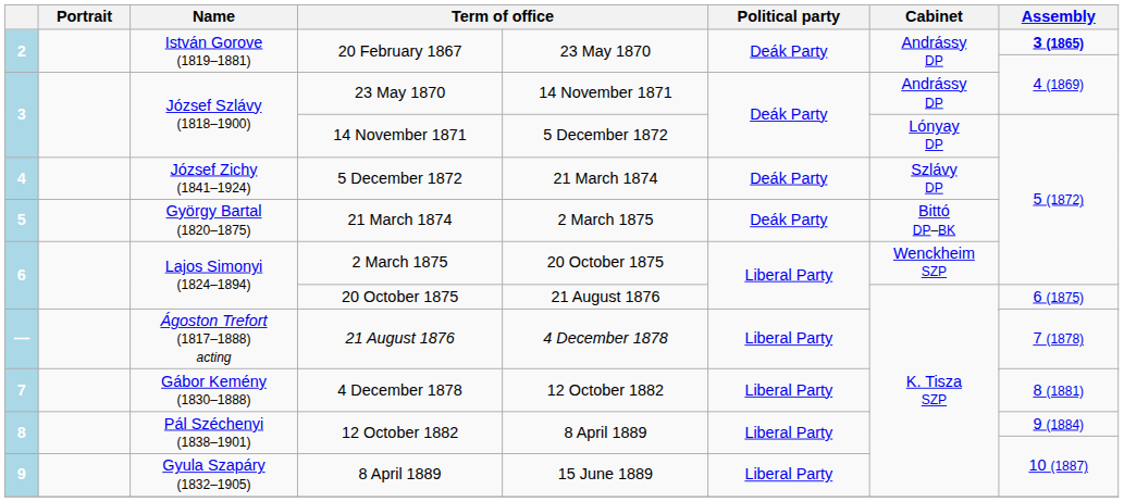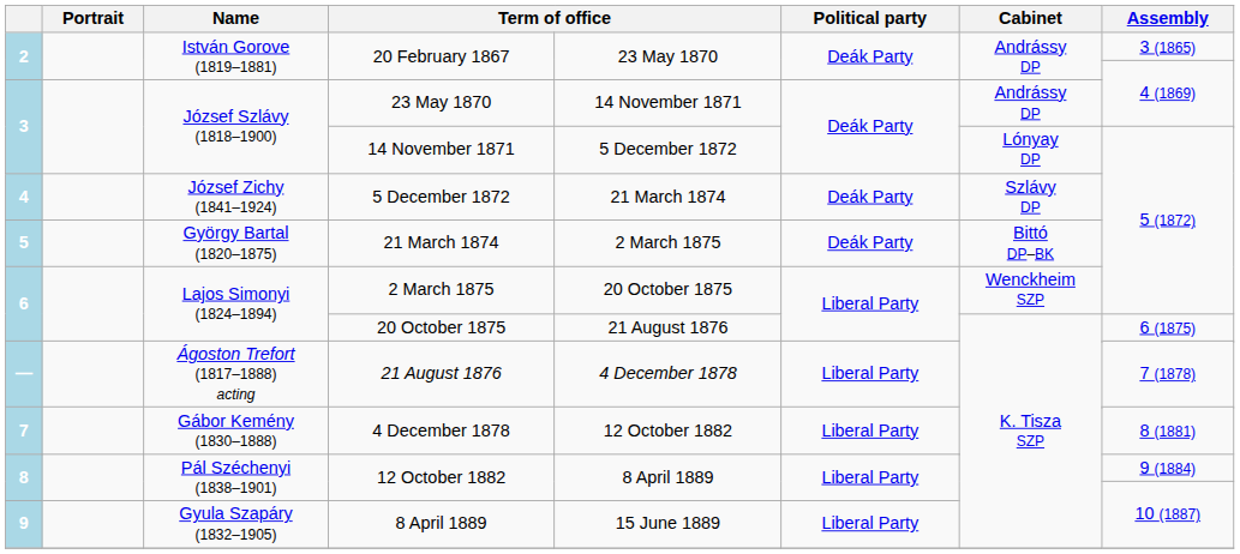 <table class="wikitable" style="width:90%; text-align:center;">
 <tr>
 <th></th>
 <th>Portrait</th>
 <th>Name<br></th>
 <th colspan=2>Term of office</th>
 <th>Political party</th>
 <th>Cabinet</th>
 <th><a href='#'>Assembly</a><br></th>
 </tr>
 <tr>
 <th rowspan="2" style="background-color:#AAD8E6; color:white">2</th>
 <td rowspan="2"></td>
 <td rowspan="2"><a href='#'>István Gorove</a><br><small>(1819–1881)</small></td>
 <td rowspan="2">20 February 1867</td>
 <td rowspan="2">23 May 1870</td>
 <td rowspan="2"><a href='#'>Deák Party</a></td>
 <td rowspan="2"><a href='#'>Andrássy</a><br><small><a href='#'>DP</a></small></td>
-<td><strong><a href='#'>3 <small>(1865)</small></a></strong></td>
+<td><a href='#'>3 <small>(1865)</small></a></td>
 </tr>
 <tr>
 <td rowspan="3"><a href='#'>4 <small>(1869)</small></a></td>
 </tr>
 <tr>
 <th rowspan="3" style="background-color:#AAD8E6; color:white">3</th>
 <td rowspan="3"></td>
 <td rowspan="3"><a href='#'>József Szlávy</a><br><small>(1818–1900)</small></td>
 <td>23 May 1870</td>
 <td>14 November 1871</td>
 <td rowspan="3"><a href='#'>Deák Party</a></td>
 <td><a href='#'>Andrássy</a><br><small><a href='#'>DP</a></small></td>
 </tr>
 <tr>
 <td rowspan="2">14 November 1871</td>
 <td rowspan="2">5 December 1872</td>
 <td rowspan="2"><a href='#'>Lónyay</a><br><small><a href='#'>DP</a></small></td>
 </tr>
 <tr>
 <td rowspan="4"><a href='#'>5 <small>(1872)</small></a></td>
 </tr>
 <tr>
 <th style="background-color:#AAD8E6; color:white">4</th>
 <td></td>
 <td><a href='#'>József Zichy</a><br><small>(1841–1924)</small></td>
 <td>5 December 1872</td>
 <td>21 March 1874</td>
 <td><a href='#'>Deák Party</a></td>
 <td><a href='#'>Szlávy</a><br><small><a href='#'>DP</a></small></td>
 </tr>
 <tr>
 <th style="background-color:#AAD8E6; color:white">5</th>
 <td></td>
 <td><a href='#'>György Bartal</a><br><small>(1820–1875)</small></td>
 <td>21 March 1874</td>
 <td>2 March 1875</td>
 <td><a href='#'>Deák Party</a></td>
 <td><a href='#'>Bittó</a><br><small><a href='#'>DP</a>–<a href='#'>BK</a></small></td>
 </tr>
 <tr>
 <th rowspan="2" style="background-color:#AAD8E6; color:white">6</th>
 <td rowspan="2"></td>
 <td rowspan="2"><a href='#'>Lajos Simonyi</a><br><small>(1824–1894)</small></td>
 <td>2 March 1875</td>
 <td>20 October 1875</td>
 <td rowspan="2"><a href='#'>Liberal Party</a></td>
 <td><a href='#'>Wenckheim</a><br><small><a href='#'>SZP</a></small></td>
 </tr>
 <tr>
 <td>20 October 1875</td>
 <td>21 August 1876</td>
 <td rowspan="9"><a href='#'>K. Tisza</a><br><small><a href='#'>SZP</a></small></td>
 <td rowspan="2"><a href='#'>6 <small>(1875)</small></a></td>
 </tr>
 <tr>
 <th rowspan="2" style="background-color:#AAD8E6; color:white">—</th>
 <td rowspan="2"></td>
 <td rowspan="2"><em><a href='#'>Ágoston Trefort</a></em><br><small>(1817–1888)<br><em>acting</em></small></td>
 <td rowspan="2"><em>21 August 1876</em></td>
 <td rowspan="2"><em>4 December 1878</em></td>
 <td rowspan="2"><a href='#'>Liberal Party</a></td>
 </tr>
 <tr>
 <td rowspan="2"><a href='#'>7 <small>(1878)</small></a></td>
 </tr>
 <tr>
 <th rowspan="2" style="background-color:#AAD8E6; color:white">7</th>
 <td rowspan="2"></td>
 <td rowspan="2"><a href='#'>Gábor Kemény</a><br><small>(1830–1888)</small></td>
 <td rowspan="2">4 December 1878</td>
 <td rowspan="2">12 October 1882</td>
 <td rowspan="2"><a href='#'>Liberal Party</a></td>
 </tr>
 <tr>
 <td rowspan="2"><a href='#'>8 <small>(1881)</small></a></td>
 </tr>
 <tr>
 <th rowspan="3" style="background-color:#AAD8E6; color:white">8</th>
 <td rowspan="3"></td>
 <td rowspan="3"><a href='#'>Pál Széchenyi</a><br><small>(1838–1901)</small></td>
 <td rowspan="3">12 October 1882</td>
 <td rowspan="3">8 April 1889</td>
 <td rowspan="3"><a href='#'>Liberal Party</a></td>
 </tr>
 <tr>
 <td><a href='#'>9 <small>(1884)</small></a></td>
 </tr>
 <tr>
 <td rowspan="2"><a href='#'>10 <small>(1887)</small></a></td>
 </tr>
 <tr>
 <th style="background-color:#AAD8E6; color:white">9</th>
 <td></td>
 <td><a href='#'>Gyula Szapáry</a><br><small>(1832–1905)</small></td>
 <td>8 April 1889</td>
 <td>15 June 1889</td>
 <td><a href='#'>Liberal Party</a></td>
 </tr>
 <tr>
 </tr>
 </table>
